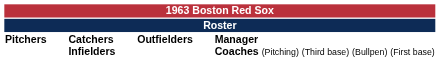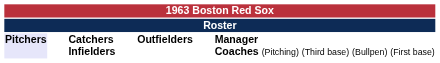 <table class="toccolours" style="text-align: left;">
 <tr>
 <th colspan="10" style="background-color: #ba313c; color: white; text-align: center;">1963 Boston Red Sox</th>
 </tr>
 <tr>
 <td colspan="10" style="background-color: #0d2b56; color: white; text-align: center;"><strong>Roster</strong></td>
 </tr>
 <tr>
-<td valign="top"><strong>Pitchers</strong><br>               </td>
+<td valign="top" style="background: lavender;"><strong>Pitchers</strong><br>               </td>
 <td width="25px"></td>
 <td valign="top"><strong>Catchers</strong><br>  <strong>Infielders</strong>        </td>
 <td width="25px"></td>
 <td valign="top"><strong>Outfielders</strong><br>    </td>
 <td width="25px"></td>
 <td valign="top"><strong>Manager</strong><br> <strong>Coaches</strong>  <small>(Pitching)</small>  <small>(Third base)</small>  <small>(Bullpen)</small>  <small>(First base)</small></td>
 </tr>
 <tr>
 </tr>
 </table>
